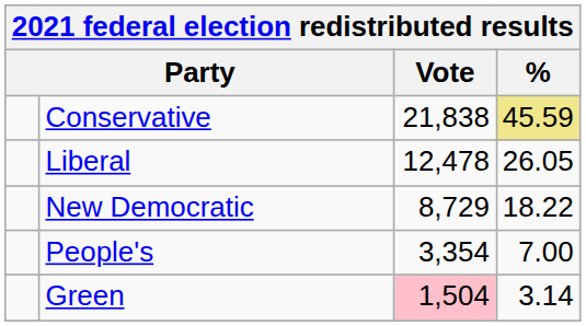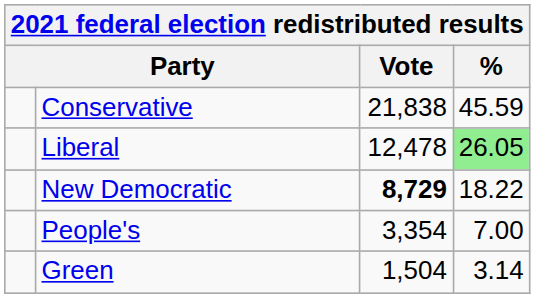 <table class="wikitable">
 <tr>
 <th colspan="4"><a href='#'>2021 federal election</a> redistributed results</th>
 </tr>
 <tr>
 <th bgcolor="#DDDDFF" width="130px" colspan="2">Party</th>
 <th bgcolor="#DDDDFF" width="50px">Vote</th>
 <th bgcolor="#DDDDFF" width="30px">%</th>
 </tr>
 <tr>
 <td> </td>
 <td><a href='#'>Conservative</a></td>
 <td align=right>21,838</td>
-<td align=right style="background: khaki;">45.59</td>
+<td align=right>45.59</td>
 </tr>
 <tr>
 <td> </td>
 <td><a href='#'>Liberal</a></td>
 <td align=right>12,478</td>
-<td align=right>26.05</td>
+<td align=right style="background: lightgreen;">26.05</td>
 </tr>
 <tr>
 <td> </td>
 <td><a href='#'>New Democratic</a></td>
-<td align=right>8,729</td>
+<td align=right><strong>8,729</strong></td>
 <td align=right>18.22</td>
 </tr>
 <tr>
 <td> </td>
 <td><a href='#'>People's</a></td>
 <td align=right>3,354</td>
 <td align=right>7.00</td>
 </tr>
 <tr>
 <td> </td>
 <td><a href='#'>Green</a></td>
-<td align=right style="background: pink;">1,504</td>
+<td align=right>1,504</td>
 <td align=right>3.14</td>
 </tr>
 </table>
